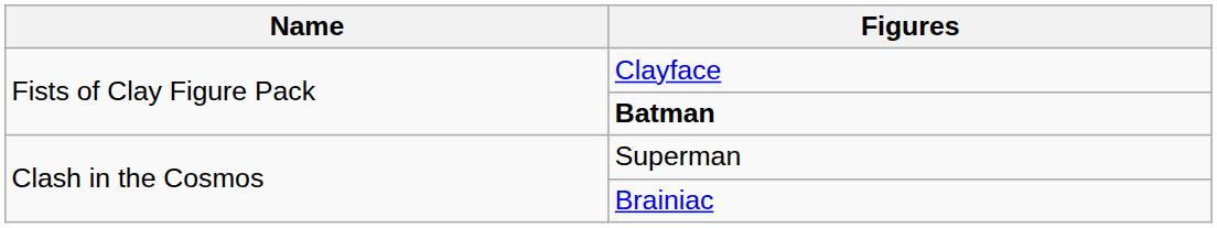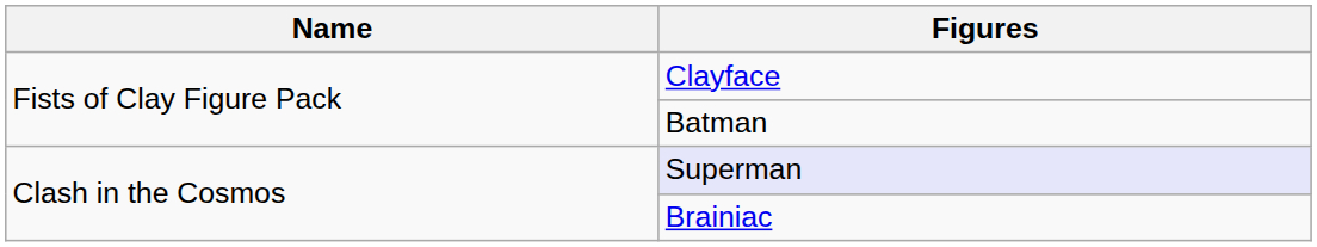 <table class="wikitable" style="width:80%;">
 <tr>
 <th width=20%><strong>Name</strong></th>
 <th width=20%><strong>Figures</strong></th>
 </tr>
 <tr>
 <td rowspan=2>Fists of Clay Figure Pack</td>
 <td><a href='#'>Clayface</a></td>
 </tr>
 <tr>
-<td><strong>Batman</strong></td>
+<td>Batman</td>
 </tr>
 <tr>
 <td rowspan=2>Clash in the Cosmos</td>
-<td>Superman</td>
+<td style="background: lavender;">Superman</td>
 </tr>
 <tr>
 <td><a href='#'>Brainiac</a></td>
 </tr>
 </table>
